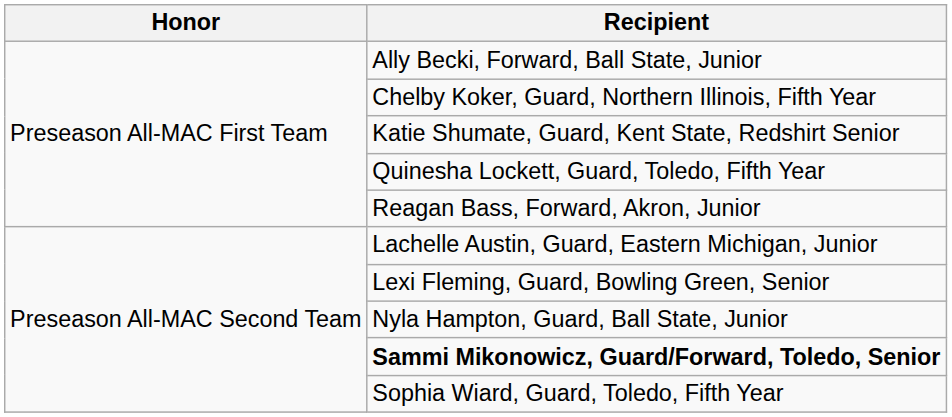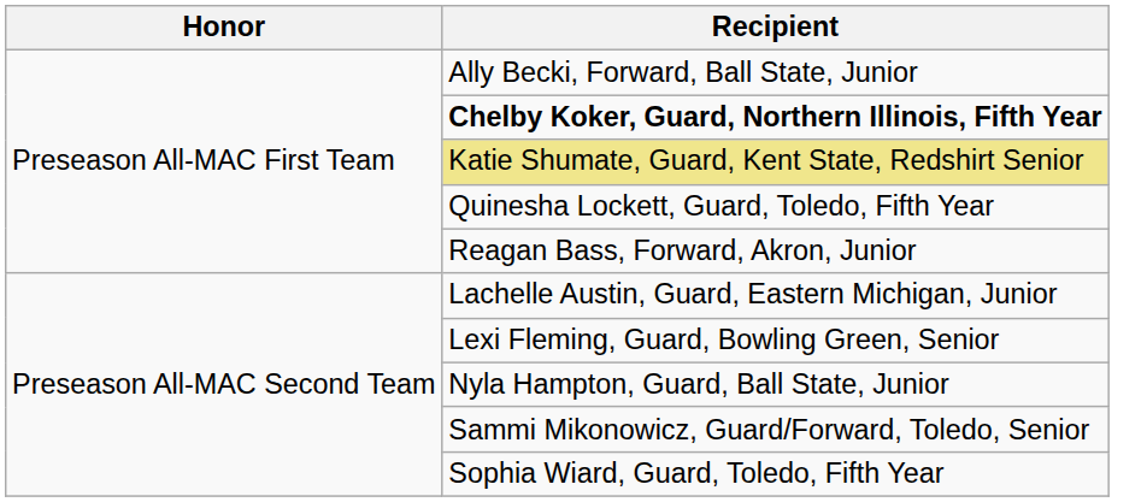 <table class="wikitable" border="1">
 <tr>
 <th>Honor</th>
 <th>Recipient</th>
 </tr>
 <tr>
 <td rowspan=5 valign=middle>Preseason All-MAC First Team</td>
 <td>Ally Becki, Forward, Ball State, Junior</td>
 </tr>
 <tr>
-<td>Chelby Koker, Guard, Northern Illinois, Fifth Year</td>
+<td><strong>Chelby Koker, Guard, Northern Illinois, Fifth Year</strong></td>
 </tr>
 <tr>
-<td>Katie Shumate, Guard, Kent State, Redshirt Senior</td>
+<td style="background: khaki;">Katie Shumate, Guard, Kent State, Redshirt Senior</td>
 </tr>
 <tr>
 <td>Quinesha Lockett, Guard, Toledo, Fifth Year</td>
 </tr>
 <tr>
 <td>Reagan Bass, Forward, Akron, Junior</td>
 </tr>
 <tr>
 <td rowspan=6 valign=middle>Preseason All-MAC Second Team</td>
 <td>Lachelle Austin, Guard, Eastern Michigan, Junior</td>
 </tr>
 <tr>
 <td>Lexi Fleming, Guard, Bowling Green, Senior</td>
 </tr>
 <tr>
 <td>Nyla Hampton, Guard, Ball State, Junior</td>
 </tr>
 <tr>
-<td><strong>Sammi Mikonowicz, Guard/Forward, Toledo, Senior</strong></td>
+<td>Sammi Mikonowicz, Guard/Forward, Toledo, Senior</td>
 </tr>
 <tr>
 <td>Sophia Wiard, Guard, Toledo, Fifth Year</td>
 </tr>
 </table>
